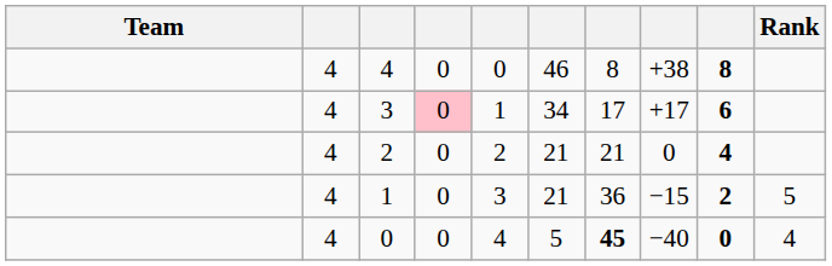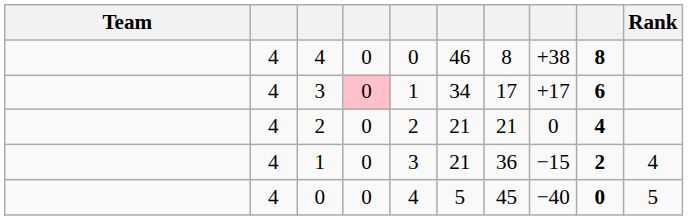 <table class="wikitable" style="text-align: center; font-size:90% ">
 <tr>
 <th width=160>Team</th>
 <th width=25></th>
 <th width=25></th>
 <th width=25></th>
 <th width=25></th>
 <th width=25></th>
 <th width=25></th>
 <th width=25></th>
 <th width=25></th>
 <th width=25>Rank</th>
 </tr>
 <tr>
 <td align=left></td>
 <td>4</td>
 <td>4</td>
 <td>0</td>
 <td>0</td>
 <td>46</td>
 <td>8</td>
 <td>+38</td>
 <td><strong>8</strong></td>
 <td></td>
 </tr>
 <tr>
 <td align=left></td>
 <td>4</td>
 <td>3</td>
 <td style="background: pink;">0</td>
 <td>1</td>
 <td>34</td>
 <td>17</td>
 <td>+17</td>
 <td><strong>6</strong></td>
 <td></td>
 </tr>
 <tr>
 <td align=left></td>
 <td>4</td>
 <td>2</td>
 <td>0</td>
 <td>2</td>
 <td>21</td>
 <td>21</td>
 <td>0</td>
 <td><strong>4</strong></td>
 <td></td>
 </tr>
 <tr>
 <td align=left></td>
 <td>4</td>
 <td>1</td>
 <td>0</td>
 <td>3</td>
 <td>21</td>
 <td>36</td>
 <td>−15</td>
 <td><strong>2</strong></td>
-<td>5</td>
+<td>4</td>
 </tr>
 <tr>
 <td align=left></td>
 <td>4</td>
 <td>0</td>
 <td>0</td>
 <td>4</td>
 <td>5</td>
-<td><strong>45</strong></td>
+<td>45</td>
 <td>−40</td>
 <td><strong>0</strong></td>
-<td>4</td>
+<td>5</td>
 </tr>
 </table>
